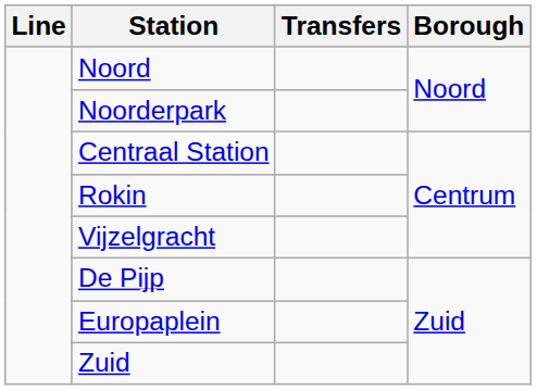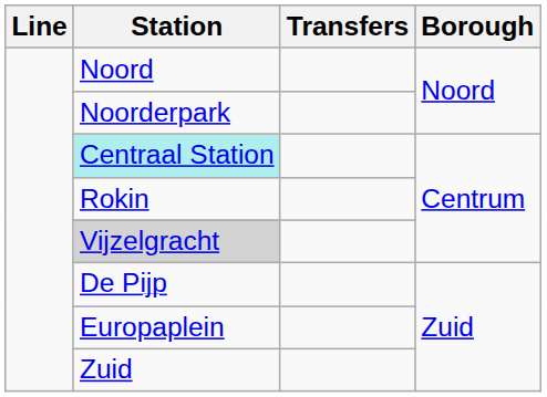 <table class="wikitable">
 <tr>
 <th>Line</th>
 <th>Station</th>
 <th>Transfers</th>
 <th>Borough</th>
 </tr>
 <tr>
 <td rowspan="8"></td>
 <td><a href='#'>Noord</a></td>
 <td></td>
 <td rowspan="2"><a href='#'>Noord</a></td>
 </tr>
 <tr>
 <td><a href='#'>Noorderpark</a></td>
 <td></td>
 </tr>
 <tr>
-<td><a href='#'>Centraal Station</a></td>
+<td style="background: paleturquoise;"><a href='#'>Centraal Station</a></td>
 <td></td>
 <td rowspan="3"><a href='#'>Centrum</a></td>
 </tr>
 <tr>
 <td><a href='#'>Rokin</a></td>
 <td></td>
 </tr>
 <tr>
-<td><a href='#'>Vijzelgracht</a></td>
+<td style="background: lightgrey;"><a href='#'>Vijzelgracht</a></td>
 <td></td>
 </tr>
 <tr>
 <td><a href='#'>De Pijp</a></td>
 <td></td>
 <td rowspan="3"><a href='#'>Zuid</a></td>
 </tr>
 <tr>
 <td><a href='#'>Europaplein</a></td>
 <td></td>
 </tr>
 <tr>
 <td><a href='#'>Zuid</a></td>
 <td></td>
 </tr>
 </table>
